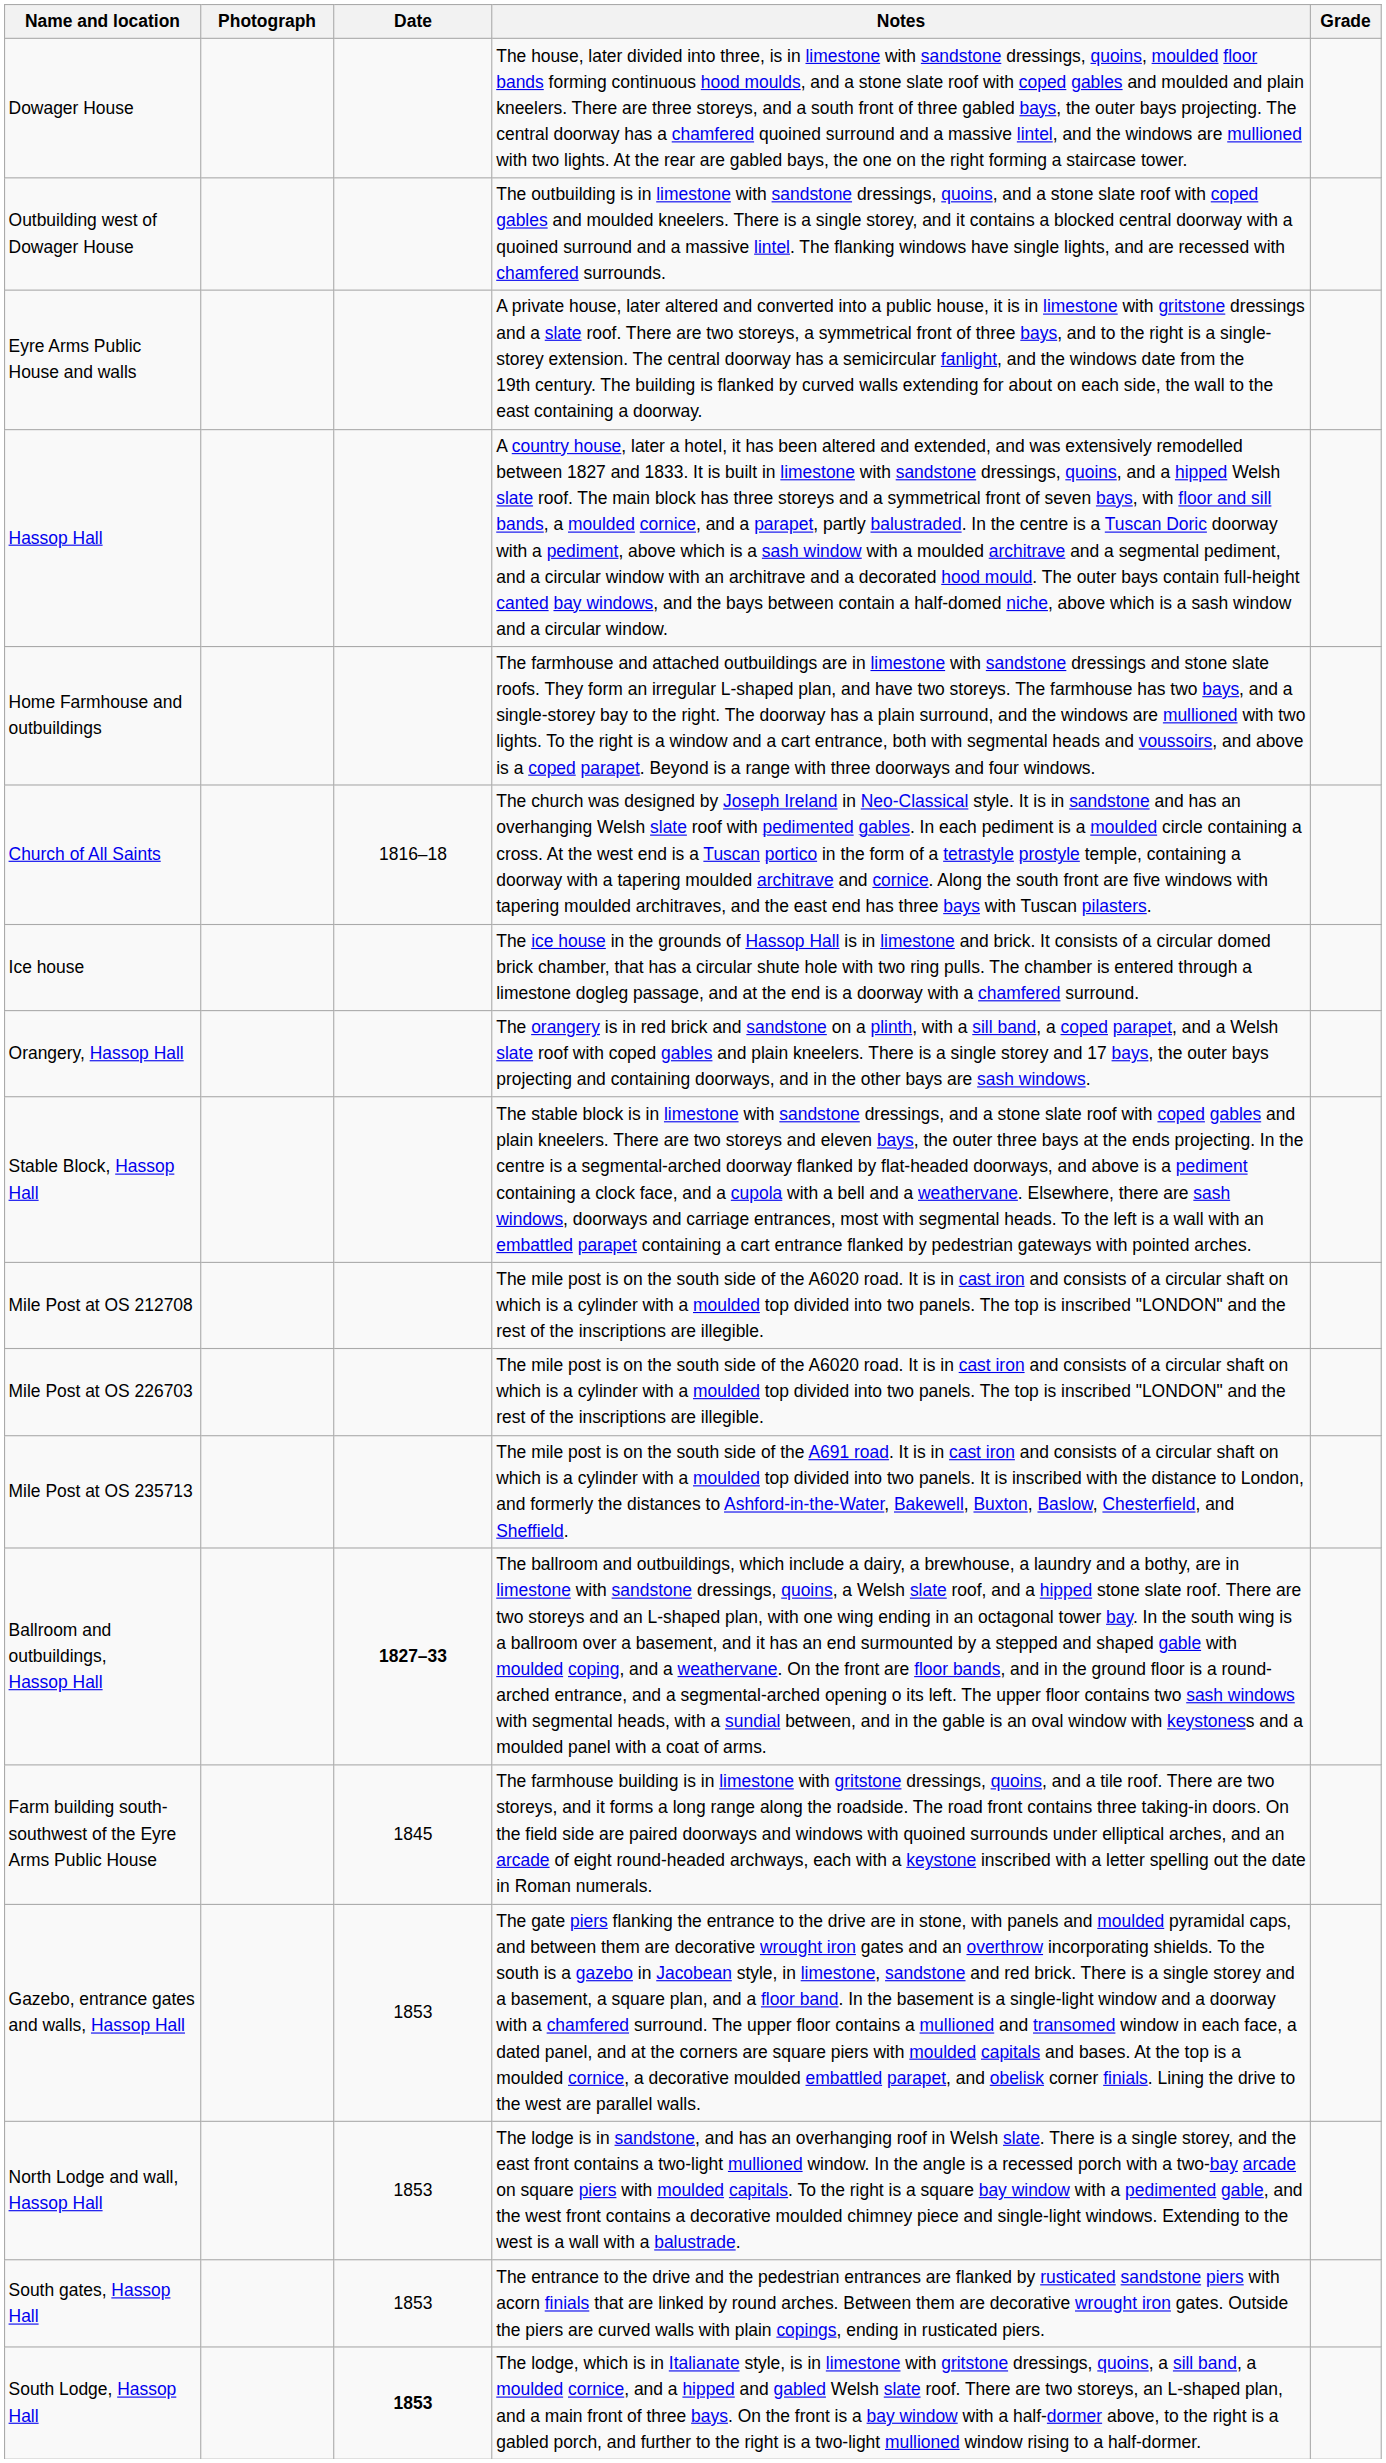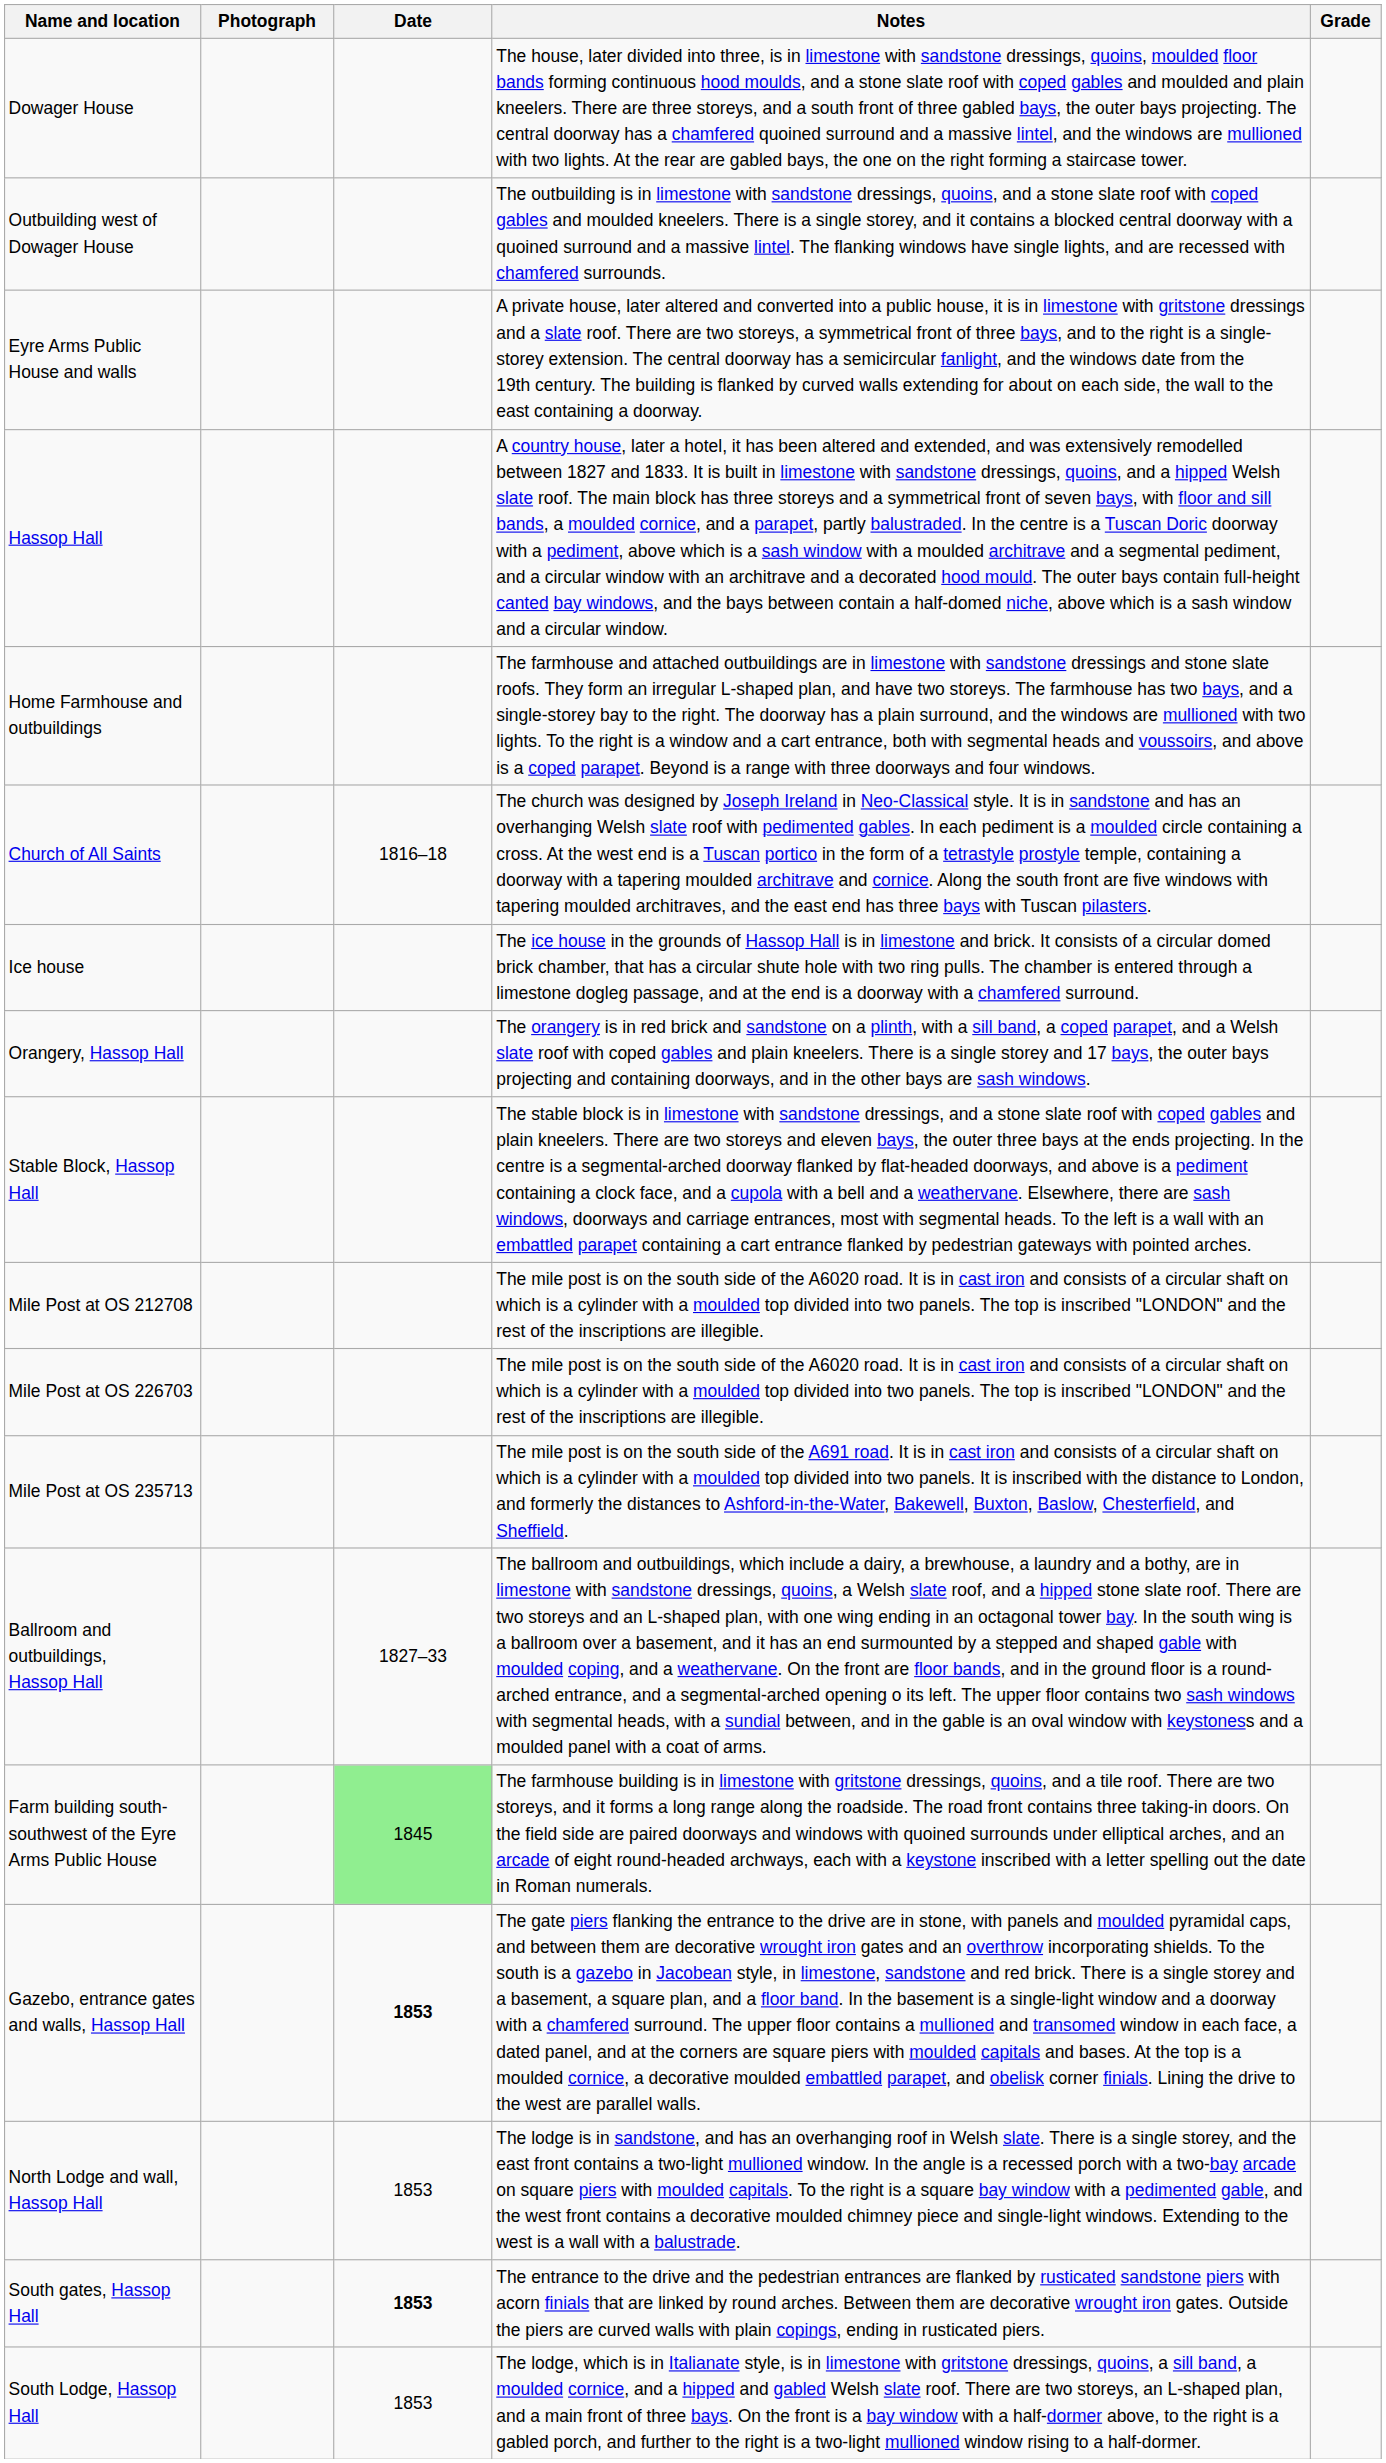 <table class="wikitable sortable plainrowheaders" style="width:100%; border:0; text-align:left; line-height:150%;">
 <tr>
 <th scope="col"  style="width:150px">Name and location</th>
 <th scope="col"  style="width:100px" class="unsortable">Photograph</th>
 <th scope="col"  style="width:120px">Date</th>
 <th scope="col"  style="width:650px" class="unsortable">Notes</th>
 <th scope="col"  style="width:50px">Grade</th>
 </tr>
 <tr>
 <td>Dowager House<br><small></small></td>
 <td></td>
 <td align="center"></td>
 <td>The house, later divided into three, is in <a href='#'>limestone</a> with <a href='#'>sandstone</a> dressings, <a href='#'>quoins</a>, <a href='#'>moulded</a> <a href='#'>floor bands</a> forming continuous <a href='#'>hood moulds</a>, and a stone slate roof with <a href='#'>coped</a> <a href='#'>gables</a> and moulded and plain kneelers.  There are three storeys, and a south front of three gabled <a href='#'>bays</a>, the outer bays projecting.  The central doorway has a <a href='#'>chamfered</a> quoined surround and a massive <a href='#'>lintel</a>, and the windows are <a href='#'>mullioned</a> with two lights.  At the rear are gabled bays, the one on the right forming a staircase tower.</td>
 <td align="center" ></td>
 </tr>
 <tr>
 <td>Outbuilding west of Dowager House<br><small></small></td>
 <td></td>
 <td align="center"></td>
 <td>The outbuilding is in <a href='#'>limestone</a> with <a href='#'>sandstone</a> dressings, <a href='#'>quoins</a>, and a stone slate roof with <a href='#'>coped</a> <a href='#'>gables</a> and moulded kneelers.  There is a single storey, and it contains a blocked central doorway with a quoined surround and a massive <a href='#'>lintel</a>.  The flanking windows have single lights, and are recessed with <a href='#'>chamfered</a> surrounds.</td>
 <td align="center" ></td>
 </tr>
 <tr>
 <td>Eyre Arms Public House and walls<br><small></small></td>
 <td></td>
 <td align="center"></td>
 <td>A private house, later altered and converted into a public house, it is in <a href='#'>limestone</a> with <a href='#'>gritstone</a> dressings and a <a href='#'>slate</a> roof.  There are two storeys, a symmetrical front of three <a href='#'>bays</a>, and to the right is a single-storey extension.  The central doorway has a semicircular <a href='#'>fanlight</a>, and the windows date from the 19th century.  The building is flanked by curved walls extending for about  on each side, the wall to the east containing a doorway.</td>
 <td align="center" ></td>
 </tr>
 <tr>
 <td><a href='#'>Hassop Hall</a><br><small></small></td>
 <td></td>
 <td align="center"></td>
 <td>A <a href='#'>country house</a>, later a hotel, it has been altered and extended, and was extensively remodelled between 1827 and 1833.  It is built in <a href='#'>limestone</a> with <a href='#'>sandstone</a> dressings, <a href='#'>quoins</a>, and a <a href='#'>hipped</a> Welsh <a href='#'>slate</a> roof.  The main block has three storeys and a symmetrical front of seven <a href='#'>bays</a>, with <a href='#'>floor and sill bands</a>, a <a href='#'>moulded</a> <a href='#'>cornice</a>, and a <a href='#'>parapet</a>, partly <a href='#'>balustraded</a>.  In the centre is a <a href='#'>Tuscan Doric</a> doorway with a <a href='#'>pediment</a>, above which is a <a href='#'>sash window</a> with a moulded <a href='#'>architrave</a> and a segmental pediment, and a circular window with an architrave and a decorated <a href='#'>hood mould</a>.  The outer bays contain full-height <a href='#'>canted</a> <a href='#'>bay windows</a>, and the bays between contain a half-domed <a href='#'>niche</a>, above which is a sash window and a circular window.</td>
 <td align="center" ></td>
 </tr>
 <tr>
 <td>Home Farmhouse and outbuildings<br><small></small></td>
 <td></td>
 <td align="center"></td>
 <td>The farmhouse and attached outbuildings are in <a href='#'>limestone</a> with <a href='#'>sandstone</a> dressings and stone slate roofs.  They form an irregular L-shaped plan, and have two storeys.  The farmhouse has two <a href='#'>bays</a>, and a single-storey bay to the right.  The doorway has a plain surround, and the windows are <a href='#'>mullioned</a> with two lights.  To the right is a window and a cart entrance, both with segmental heads and <a href='#'>voussoirs</a>, and above is a <a href='#'>coped</a> <a href='#'>parapet</a>.  Beyond is a range with three doorways and four windows.</td>
 <td align="center" ></td>
 </tr>
 <tr>
 <td><a href='#'>Church of All Saints</a><br><small></small></td>
 <td></td>
 <td align="center">1816–18</td>
 <td>The church was designed by <a href='#'>Joseph Ireland</a> in <a href='#'>Neo-Classical</a> style.  It is in <a href='#'>sandstone</a> and has an overhanging Welsh <a href='#'>slate</a> roof with <a href='#'>pedimented</a> <a href='#'>gables</a>.  In each pediment is a <a href='#'>moulded</a> circle containing a cross.  At the west end is a <a href='#'>Tuscan</a> <a href='#'>portico</a> in the form of a <a href='#'>tetrastyle</a> <a href='#'>prostyle</a> temple, containing a doorway with a tapering moulded <a href='#'>architrave</a> and <a href='#'>cornice</a>.  Along the south front are five windows with tapering moulded architraves, and the east end has three <a href='#'>bays</a> with Tuscan <a href='#'>pilasters</a>.</td>
 <td align="center" ></td>
 </tr>
 <tr>
 <td>Ice house<br><small></small></td>
 <td></td>
 <td align="center"></td>
 <td>The <a href='#'>ice house</a> in the grounds of <a href='#'>Hassop Hall</a> is in <a href='#'>limestone</a> and brick.  It consists of a circular domed brick chamber, that has a circular shute hole with two ring pulls.  The chamber is entered through a limestone dogleg passage, and at the end is a doorway with a <a href='#'>chamfered</a> surround.</td>
 <td align="center" ></td>
 </tr>
 <tr>
 <td>Orangery, <a href='#'>Hassop Hall</a><br><small></small></td>
 <td></td>
 <td align="center"></td>
 <td>The <a href='#'>orangery</a> is in red brick and <a href='#'>sandstone</a> on a <a href='#'>plinth</a>, with a <a href='#'>sill band</a>, a <a href='#'>coped</a> <a href='#'>parapet</a>, and a Welsh <a href='#'>slate</a> roof with coped <a href='#'>gables</a> and plain kneelers.  There is a single storey and 17 <a href='#'>bays</a>, the outer bays projecting and containing doorways, and in the other bays are <a href='#'>sash windows</a>.</td>
 <td align="center" ></td>
 </tr>
 <tr>
 <td>Stable Block, <a href='#'>Hassop Hall</a><br><small></small></td>
 <td></td>
 <td align="center"></td>
 <td>The stable block is in <a href='#'>limestone</a> with <a href='#'>sandstone</a> dressings, and a stone slate roof with <a href='#'>coped</a> <a href='#'>gables</a> and plain kneelers.  There are two storeys and eleven <a href='#'>bays</a>, the outer three bays at the ends projecting.  In the centre is a segmental-arched doorway flanked by flat-headed doorways, and above is a <a href='#'>pediment</a> containing a clock face, and a <a href='#'>cupola</a> with a bell and a <a href='#'>weathervane</a>.  Elsewhere, there are <a href='#'>sash windows</a>, doorways and carriage entrances, most with segmental heads. To the left is a wall with an <a href='#'>embattled</a> <a href='#'>parapet</a> containing a cart entrance flanked by pedestrian gateways with pointed arches.</td>
 <td align="center" ></td>
 </tr>
 <tr>
 <td>Mile Post at OS 212708<br><small></small></td>
 <td></td>
 <td align="center"></td>
 <td>The mile post is on the south side of the A6020 road.  It is in <a href='#'>cast iron</a> and consists of a circular shaft on which is a cylinder with a <a href='#'>moulded</a> top divided into two panels.  The top is inscribed "LONDON" and the rest of the inscriptions are illegible.</td>
 <td align="center" ></td>
 </tr>
 <tr>
 <td>Mile Post at OS 226703<br><small></small></td>
 <td></td>
 <td align="center"></td>
 <td>The mile post is on the south side of the A6020 road.  It is in <a href='#'>cast iron</a> and consists of a circular shaft on which is a cylinder with a <a href='#'>moulded</a> top divided into two panels.  The top is inscribed "LONDON" and the rest of the inscriptions are illegible.</td>
 <td align="center" ></td>
 </tr>
 <tr>
 <td>Mile Post at OS 235713<br><small></small></td>
 <td></td>
 <td align="center"></td>
 <td>The mile post is on the south side of the <a href='#'>A691 road</a>. It is in <a href='#'>cast iron</a> and consists of a circular shaft on which is a cylinder with a <a href='#'>moulded</a> top divided into two panels.  It is inscribed with the distance to London, and formerly the distances to <a href='#'>Ashford-in-the-Water</a>, <a href='#'>Bakewell</a>, <a href='#'>Buxton</a>, <a href='#'>Baslow</a>, <a href='#'>Chesterfield</a>, and <a href='#'>Sheffield</a>.</td>
 <td align="center" ></td>
 </tr>
 <tr>
 <td>Ballroom and outbuildings,<br><a href='#'>Hassop Hall</a><br><small></small></td>
 <td></td>
-<td align="center"><strong>1827–33</strong></td>
+<td align="center">1827–33</td>
 <td>The ballroom and outbuildings, which include a dairy, a brewhouse, a laundry and a bothy, are in <a href='#'>limestone</a> with <a href='#'>sandstone</a> dressings, <a href='#'>quoins</a>, a Welsh <a href='#'>slate</a> roof, and a <a href='#'>hipped</a> stone slate roof.  There are two storeys and an L-shaped plan, with one wing ending in an octagonal tower <a href='#'>bay</a>.  In the south wing is a ballroom over a basement, and it has an end surmounted by a stepped and shaped <a href='#'>gable</a> with <a href='#'>moulded</a> <a href='#'>coping</a>, and a <a href='#'>weathervane</a>.  On the front are <a href='#'>floor bands</a>, and in the ground floor is a round-arched entrance, and a segmental-arched opening o its left.  The upper floor contains two <a href='#'>sash windows</a> with segmental heads, with a <a href='#'>sundial</a> between, and in the gable is an oval window with <a href='#'>keystones</a>s and a moulded panel with a coat of arms.</td>
 <td align="center" ></td>
 </tr>
 <tr>
 <td>Farm building south-southwest of the Eyre Arms Public House <br><small></small></td>
 <td></td>
-<td align="center">1845</td>
+<td align="center" style="background: lightgreen;">1845</td>
 <td>The farmhouse building is in <a href='#'>limestone</a> with <a href='#'>gritstone</a> dressings, <a href='#'>quoins</a>, and a tile roof.  There are two storeys, and it forms a long range along the roadside.  The road front contains three taking-in doors.  On the field side are paired doorways and windows with quoined surrounds under elliptical arches, and an <a href='#'>arcade</a> of eight round-headed archways, each with a <a href='#'>keystone</a> inscribed with a letter spelling out the date in Roman numerals.</td>
 <td align="center" ></td>
 </tr>
 <tr>
 <td>Gazebo, entrance gates and walls, <a href='#'>Hassop Hall</a><br><small></small></td>
 <td></td>
-<td align="center">1853</td>
+<td align="center"><strong>1853</strong></td>
 <td>The gate <a href='#'>piers</a> flanking the entrance to the drive are in stone, with panels and <a href='#'>moulded</a> pyramidal caps, and between them are decorative <a href='#'>wrought iron</a> gates and an <a href='#'>overthrow</a> incorporating shields.  To the south is a <a href='#'>gazebo</a> in <a href='#'>Jacobean</a> style, in <a href='#'>limestone</a>, <a href='#'>sandstone</a> and red brick.  There is a single storey and a basement, a square plan, and a <a href='#'>floor band</a>.  In the basement is a single-light window and a doorway with a <a href='#'>chamfered</a> surround.  The upper floor contains a <a href='#'>mullioned</a> and <a href='#'>transomed</a> window in each face, a dated panel, and at the corners are square piers with <a href='#'>moulded</a> <a href='#'>capitals</a> and bases. At the top is a moulded <a href='#'>cornice</a>, a decorative moulded <a href='#'>embattled</a> <a href='#'>parapet</a>, and <a href='#'>obelisk</a> corner <a href='#'>finials</a>.  Lining the drive to the west are parallel walls.</td>
 <td align="center" ></td>
 </tr>
 <tr>
 <td>North Lodge and wall,<br><a href='#'>Hassop Hall</a><br><small></small></td>
 <td></td>
 <td align="center">1853</td>
 <td>The lodge is in <a href='#'>sandstone</a>, and has an overhanging roof in Welsh <a href='#'>slate</a>.  There is a single storey, and the east front contains a two-light <a href='#'>mullioned</a> window.  In the angle is a recessed porch with a two-<a href='#'>bay</a> <a href='#'>arcade</a> on square <a href='#'>piers</a> with <a href='#'>moulded</a> <a href='#'>capitals</a>.  To the right is a square <a href='#'>bay window</a> with a <a href='#'>pedimented</a> <a href='#'>gable</a>, and the west front contains a decorative moulded chimney piece and single-light windows.  Extending to the west is a wall with a <a href='#'>balustrade</a>.</td>
 <td align="center" ></td>
 </tr>
 <tr>
 <td>South gates, <a href='#'>Hassop Hall</a><br><small></small></td>
 <td></td>
-<td align="center">1853</td>
+<td align="center"><strong>1853</strong></td>
 <td>The entrance to the drive and the pedestrian entrances are flanked by <a href='#'>rusticated</a> <a href='#'>sandstone</a> <a href='#'>piers</a> with acorn <a href='#'>finials</a> that are linked by round arches.  Between them are decorative <a href='#'>wrought iron</a> gates.  Outside the piers are curved walls with plain <a href='#'>copings</a>, ending in rusticated piers.</td>
 <td align="center" ></td>
 </tr>
 <tr>
 <td>South Lodge, <a href='#'>Hassop Hall</a><br><small></small></td>
 <td></td>
-<td align="center"><strong>1853</strong></td>
+<td align="center">1853</td>
 <td>The lodge, which is in <a href='#'>Italianate</a> style, is in <a href='#'>limestone</a> with <a href='#'>gritstone</a> dressings, <a href='#'>quoins</a>, a <a href='#'>sill band</a>, a <a href='#'>moulded</a> <a href='#'>cornice</a>, and a <a href='#'>hipped</a> and <a href='#'>gabled</a> Welsh <a href='#'>slate</a> roof.  There are two storeys, an L-shaped plan, and a main front of three <a href='#'>bays</a>.  On the front is a <a href='#'>bay window</a> with a half-<a href='#'>dormer</a> above, to the right is a gabled porch, and further to the right is a two-light <a href='#'>mullioned</a> window rising to a half-dormer.</td>
 <td align="center" ></td>
 </tr>
 <tr>
 </tr>
 </table>
